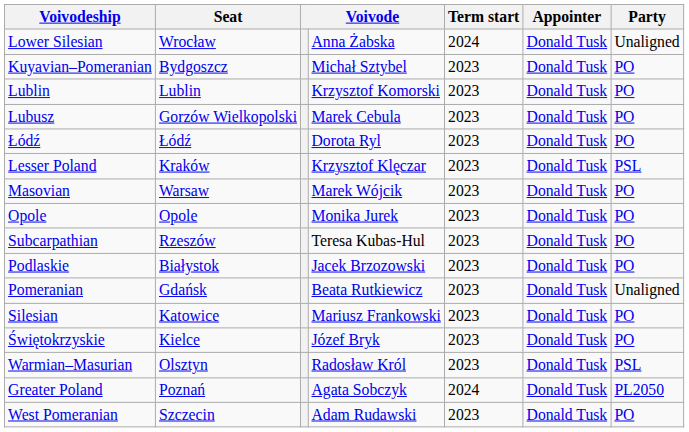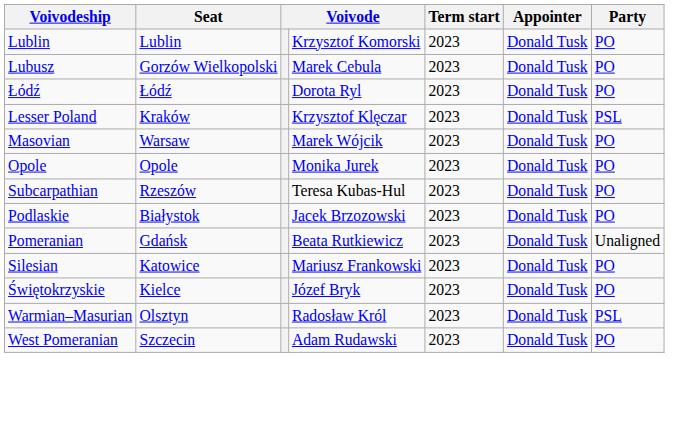 <table class="wikitable sortable">
 <tr>
 <th><a href='#'>Voivodeship</a></th>
 <th>Seat</th>
 <th colspan="2"><a href='#'>Voivode</a></th>
 <th>Term start</th>
 <th>Appointer</th>
 <th>Party</th>
-</tr>
-<tr>
-<td> <a href='#'>Lower Silesian</a></td>
-<td><a href='#'>Wrocław</a></td>
-<th style="background:"></th>
-<td><a href='#'>Anna Żabska</a></td>
-<td>2024</td>
-<td><a href='#'>Donald Tusk</a></td>
-<td>Unaligned</td>
-</tr>
-<tr>
-<td> <a href='#'>Kuyavian–Pomeranian</a></td>
-<td><a href='#'>Bydgoszcz</a></td>
-<th style="background:"></th>
-<td><a href='#'>Michał Sztybel</a></td>
-<td>2023</td>
-<td><a href='#'>Donald Tusk</a></td>
-<td><a href='#'>PO</a></td>
 </tr>
 <tr>
 <td> <a href='#'>Lublin</a></td>
 <td><a href='#'>Lublin</a></td>
 <th style="background:"></th>
 <td><a href='#'>Krzysztof Komorski</a></td>
 <td>2023</td>
 <td><a href='#'>Donald Tusk</a></td>
 <td><a href='#'>PO</a></td>
 </tr>
 <tr>
 <td> <a href='#'>Lubusz</a></td>
 <td><a href='#'>Gorzów Wielkopolski</a></td>
 <th style="background:"></th>
 <td><a href='#'>Marek Cebula</a></td>
 <td>2023</td>
 <td><a href='#'>Donald Tusk</a></td>
 <td><a href='#'>PO</a></td>
 </tr>
 <tr>
 <td> <a href='#'>Łódź</a></td>
 <td><a href='#'>Łódź</a></td>
 <th style="background:"></th>
 <td><a href='#'>Dorota Ryl</a></td>
 <td>2023</td>
 <td><a href='#'>Donald Tusk</a></td>
 <td><a href='#'>PO</a></td>
 </tr>
 <tr>
 <td> <a href='#'>Lesser Poland</a></td>
 <td><a href='#'>Kraków</a></td>
 <th style="background:"></th>
 <td><a href='#'>Krzysztof Klęczar</a></td>
 <td>2023</td>
 <td><a href='#'>Donald Tusk</a></td>
 <td><a href='#'>PSL</a></td>
 </tr>
 <tr>
 <td> <a href='#'>Masovian</a></td>
 <td><a href='#'>Warsaw</a></td>
 <th style="background:"></th>
 <td><a href='#'>Marek Wójcik</a></td>
 <td>2023</td>
 <td><a href='#'>Donald Tusk</a></td>
 <td><a href='#'>PO</a></td>
 </tr>
 <tr>
 <td> <a href='#'>Opole</a></td>
 <td><a href='#'>Opole</a></td>
 <th style="background:"></th>
 <td><a href='#'>Monika Jurek</a></td>
 <td>2023</td>
 <td><a href='#'>Donald Tusk</a></td>
 <td><a href='#'>PO</a></td>
 </tr>
 <tr>
 <td> <a href='#'>Subcarpathian</a></td>
 <td><a href='#'>Rzeszów</a></td>
 <th style="background:"></th>
 <td>Teresa Kubas-Hul</td>
 <td>2023</td>
 <td><a href='#'>Donald Tusk</a></td>
 <td><a href='#'>PO</a></td>
 </tr>
 <tr>
 <td> <a href='#'>Podlaskie</a></td>
 <td><a href='#'>Białystok</a></td>
 <th style="background:"></th>
 <td><a href='#'>Jacek Brzozowski</a></td>
 <td>2023</td>
 <td><a href='#'>Donald Tusk</a></td>
 <td><a href='#'>PO</a></td>
 </tr>
 <tr>
 <td> <a href='#'>Pomeranian</a></td>
 <td><a href='#'>Gdańsk</a></td>
 <th style="background:"></th>
 <td><a href='#'>Beata Rutkiewicz</a></td>
 <td>2023</td>
 <td><a href='#'>Donald Tusk</a></td>
 <td>Unaligned</td>
 </tr>
 <tr>
 <td> <a href='#'>Silesian</a></td>
 <td><a href='#'>Katowice</a></td>
 <th style="background:"></th>
 <td><a href='#'>Mariusz Frankowski</a></td>
 <td>2023</td>
 <td><a href='#'>Donald Tusk</a></td>
 <td><a href='#'>PO</a></td>
 </tr>
 <tr>
 <td> <a href='#'>Świętokrzyskie</a></td>
 <td><a href='#'>Kielce</a></td>
 <th style="background:"></th>
 <td><a href='#'>Józef Bryk</a></td>
 <td>2023</td>
 <td><a href='#'>Donald Tusk</a></td>
 <td><a href='#'>PO</a></td>
 </tr>
 <tr>
 <td> <a href='#'>Warmian–Masurian</a></td>
 <td><a href='#'>Olsztyn</a></td>
 <th style="background:"></th>
 <td><a href='#'>Radosław Król</a></td>
 <td>2023</td>
 <td><a href='#'>Donald Tusk</a></td>
 <td><a href='#'>PSL</a></td>
 </tr>
 <tr>
-<td> <a href='#'>Greater Poland</a></td>
-<td><a href='#'>Poznań</a></td>
-<th style="background:"></th>
-<td><a href='#'>Agata Sobczyk</a></td>
-<td>2024</td>
-<td><a href='#'>Donald Tusk</a></td>
-<td><a href='#'>PL2050</a></td>
-</tr>
-<tr>
 <td> <a href='#'>West Pomeranian</a></td>
 <td><a href='#'>Szczecin</a></td>
 <th style="background:"></th>
 <td><a href='#'>Adam Rudawski</a></td>
 <td>2023</td>
 <td><a href='#'>Donald Tusk</a></td>
 <td><a href='#'>PO</a></td>
 </tr>
 </table>
